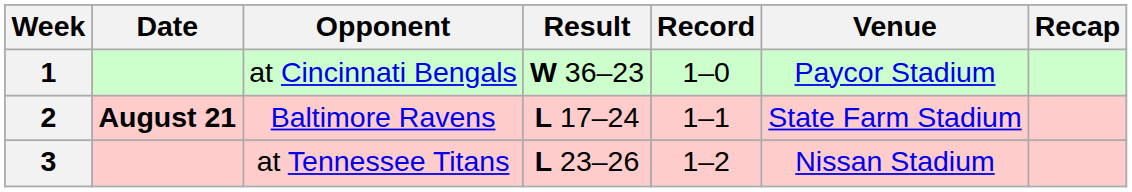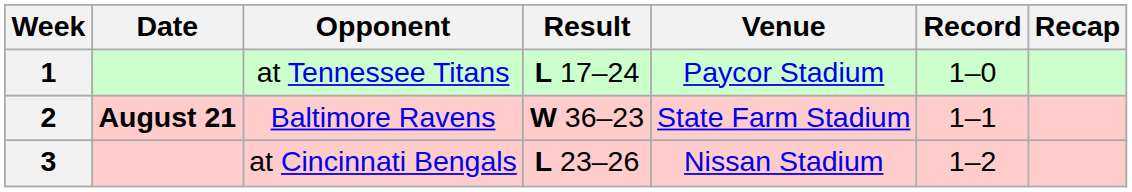 <table class="wikitable" style="text-align:center">
 <tr>
 <th>Week</th>
 <th>Date</th>
 <th>Opponent</th>
 <th>Result</th>
+<th>Venue</th>
 <th>Record</th>
-<th>Venue</th>
 <th>Recap</th>
 </tr>
 <tr style="background:#cfc">
 <th>1</th>
 <td></td>
-<td>at <a href='#'>Cincinnati Bengals</a></td>
-<td><strong>W</strong> 36–23</td>
+<td>at <a href='#'>Tennessee Titans</a></td>
+<td><strong>L</strong> 17–24</td>
+<td><a href='#'>Paycor Stadium</a></td>
 <td>1–0</td>
-<td><a href='#'>Paycor Stadium</a></td>
 <td></td>
 </tr>
 <tr style="background:#fcc">
 <th>2</th>
 <td><strong>August 21</strong></td>
 <td><a href='#'>Baltimore Ravens</a></td>
-<td><strong>L</strong> 17–24</td>
+<td><strong>W</strong> 36–23</td>
+<td><a href='#'>State Farm Stadium</a></td>
 <td>1–1</td>
-<td><a href='#'>State Farm Stadium</a></td>
 <td></td>
 </tr>
 <tr style="background:#fcc">
 <th>3</th>
 <td></td>
-<td>at <a href='#'>Tennessee Titans</a></td>
+<td>at <a href='#'>Cincinnati Bengals</a></td>
 <td><strong>L</strong> 23–26</td>
+<td><a href='#'>Nissan Stadium</a></td>
 <td>1–2</td>
-<td><a href='#'>Nissan Stadium</a></td>
 <td></td>
 </tr>
 </table>
